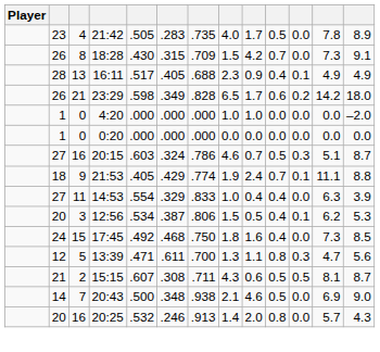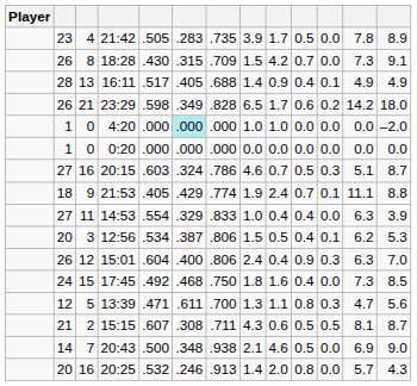 <table class="wikitable sortable" style="font-size:95%; text-align:right;">
 <tr>
 <th>Player</th>
 <th></th>
 <th></th>
 <th></th>
 <th></th>
 <th></th>
 <th></th>
 <th></th>
 <th></th>
 <th></th>
 <th></th>
 <th></th>
 <th></th>
 </tr>
 <tr>
 <td></td>
 <td>23</td>
 <td>4</td>
 <td>21:42</td>
 <td>.505</td>
 <td>.283</td>
 <td>.735</td>
-<td>4.0</td>
+<td>3.9</td>
 <td>1.7</td>
 <td>0.5</td>
 <td>0.0</td>
 <td>7.8</td>
 <td>8.9</td>
 </tr>
 <tr>
 <td></td>
 <td>26</td>
 <td>8</td>
 <td>18:28</td>
 <td>.430</td>
 <td>.315</td>
 <td>.709</td>
 <td>1.5</td>
 <td>4.2</td>
 <td>0.7</td>
 <td>0.0</td>
 <td>7.3</td>
 <td>9.1</td>
 </tr>
 <tr>
 <td></td>
 <td>28</td>
 <td>13</td>
 <td>16:11</td>
 <td>.517</td>
 <td>.405</td>
 <td>.688</td>
-<td>2.3</td>
+<td>1.4</td>
 <td>0.9</td>
 <td>0.4</td>
 <td>0.1</td>
 <td>4.9</td>
 <td>4.9</td>
 </tr>
 <tr>
 <td></td>
 <td>26</td>
 <td>21</td>
 <td>23:29</td>
 <td>.598</td>
 <td>.349</td>
 <td>.828</td>
 <td>6.5</td>
 <td>1.7</td>
 <td>0.6</td>
 <td>0.2</td>
 <td>14.2</td>
 <td>18.0</td>
 </tr>
 <tr>
 <td></td>
 <td>1</td>
 <td>0</td>
 <td>4:20</td>
 <td>.000</td>
-<td>.000</td>
+<td style="background: paleturquoise;">.000</td>
 <td>.000</td>
 <td>1.0</td>
 <td>1.0</td>
 <td>0.0</td>
 <td>0.0</td>
 <td>0.0</td>
 <td>–2.0</td>
 </tr>
 <tr>
 <td></td>
 <td>1</td>
 <td>0</td>
 <td>0:20</td>
 <td>.000</td>
 <td>.000</td>
 <td>.000</td>
 <td>0.0</td>
 <td>0.0</td>
 <td>0.0</td>
 <td>0.0</td>
 <td>0.0</td>
 <td>0.0</td>
 </tr>
 <tr>
 <td></td>
 <td>27</td>
 <td>16</td>
 <td>20:15</td>
 <td>.603</td>
 <td>.324</td>
 <td>.786</td>
 <td>4.6</td>
 <td>0.7</td>
 <td>0.5</td>
 <td>0.3</td>
 <td>5.1</td>
 <td>8.7</td>
 </tr>
 <tr>
 <td></td>
 <td>18</td>
 <td>9</td>
 <td>21:53</td>
 <td>.405</td>
 <td>.429</td>
 <td>.774</td>
 <td>1.9</td>
 <td>2.4</td>
 <td>0.7</td>
 <td>0.1</td>
 <td>11.1</td>
 <td>8.8</td>
 </tr>
 <tr>
 <td></td>
 <td>27</td>
 <td>11</td>
 <td>14:53</td>
 <td>.554</td>
 <td>.329</td>
 <td>.833</td>
 <td>1.0</td>
 <td>0.4</td>
 <td>0.4</td>
 <td>0.0</td>
 <td>6.3</td>
 <td>3.9</td>
 </tr>
 <tr>
 <td></td>
 <td>20</td>
 <td>3</td>
 <td>12:56</td>
 <td>.534</td>
 <td>.387</td>
 <td>.806</td>
 <td>1.5</td>
 <td>0.5</td>
 <td>0.4</td>
 <td>0.1</td>
 <td>6.2</td>
 <td>5.3</td>
 </tr>
 <tr>
 <td></td>
+<td>26</td>
+<td>12</td>
+<td>15:01</td>
+<td>.604</td>
+<td>.400</td>
+<td>.806</td>
+<td>2.4</td>
+<td>0.4</td>
+<td>0.9</td>
+<td>0.3</td>
+<td>6.3</td>
+<td>7.0</td>
+</tr>
+<tr>
+<td></td>
 <td>24</td>
 <td>15</td>
 <td>17:45</td>
 <td>.492</td>
 <td>.468</td>
 <td>.750</td>
 <td>1.8</td>
 <td>1.6</td>
 <td>0.4</td>
 <td>0.0</td>
 <td>7.3</td>
 <td>8.5</td>
 </tr>
 <tr>
 <td></td>
 <td>12</td>
 <td>5</td>
 <td>13:39</td>
 <td>.471</td>
 <td>.611</td>
 <td>.700</td>
 <td>1.3</td>
 <td>1.1</td>
 <td>0.8</td>
 <td>0.3</td>
 <td>4.7</td>
 <td>5.6</td>
 </tr>
 <tr>
 <td></td>
 <td>21</td>
 <td>2</td>
 <td>15:15</td>
 <td>.607</td>
 <td>.308</td>
 <td>.711</td>
 <td>4.3</td>
 <td>0.6</td>
 <td>0.5</td>
 <td>0.5</td>
 <td>8.1</td>
 <td>8.7</td>
 </tr>
 <tr>
 <td></td>
 <td>14</td>
 <td>7</td>
 <td>20:43</td>
 <td>.500</td>
 <td>.348</td>
 <td>.938</td>
 <td>2.1</td>
 <td>4.6</td>
 <td>0.5</td>
 <td>0.0</td>
 <td>6.9</td>
 <td>9.0</td>
 </tr>
 <tr>
 <td></td>
 <td>20</td>
 <td>16</td>
 <td>20:25</td>
 <td>.532</td>
 <td>.246</td>
 <td>.913</td>
 <td>1.4</td>
 <td>2.0</td>
 <td>0.8</td>
 <td>0.0</td>
 <td>5.7</td>
 <td>4.3</td>
 </tr>
 </table>
